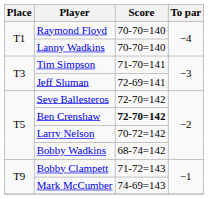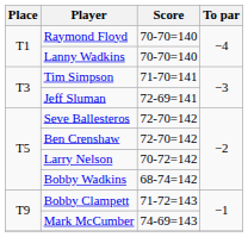 <table class="wikitable">
 <tr>
 <th>Place</th>
 <th>Player</th>
 <th>Score</th>
 <th>To par</th>
 </tr>
 <tr>
 <td rowspan=2 align="center">T1</td>
 <td> <a href='#'>Raymond Floyd</a></td>
 <td>70-70=140</td>
 <td rowspan=2 align="center">−4</td>
 </tr>
 <tr>
 <td> <a href='#'>Lanny Wadkins</a></td>
 <td>70-70=140</td>
 </tr>
 <tr>
 <td rowspan=2 align="center">T3</td>
 <td> <a href='#'>Tim Simpson</a></td>
 <td>71-70=141</td>
 <td rowspan=2 align="center">−3</td>
 </tr>
 <tr>
 <td> <a href='#'>Jeff Sluman</a></td>
 <td>72-69=141</td>
 </tr>
 <tr>
 <td rowspan=4 align="center">T5</td>
 <td> <a href='#'>Seve Ballesteros</a></td>
 <td>72-70=142</td>
 <td rowspan=4 align="center">−2</td>
 </tr>
 <tr>
 <td> <a href='#'>Ben Crenshaw</a></td>
-<td><strong>72-70=142</strong></td>
+<td>72-70=142</td>
 </tr>
 <tr>
 <td> <a href='#'>Larry Nelson</a></td>
 <td>70-72=142</td>
 </tr>
 <tr>
 <td> <a href='#'>Bobby Wadkins</a></td>
 <td>68-74=142</td>
 </tr>
 <tr>
 <td rowspan=2 align="center">T9</td>
 <td> <a href='#'>Bobby Clampett</a></td>
 <td>71-72=143</td>
 <td rowspan=2 align="center">−1</td>
 </tr>
 <tr>
 <td> <a href='#'>Mark McCumber</a></td>
 <td>74-69=143</td>
 </tr>
 <tr>
 </tr>
 </table>
